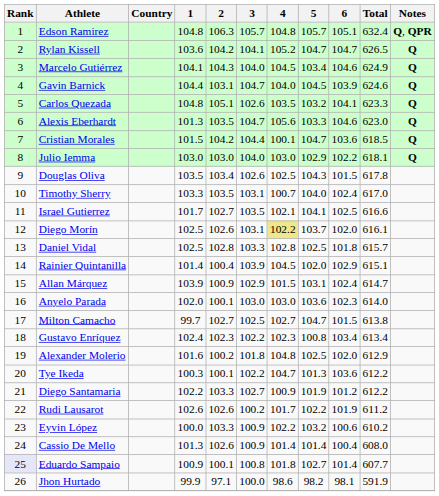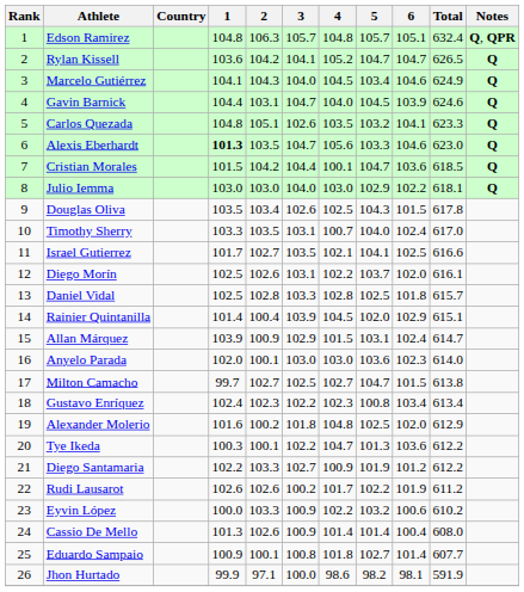 <table class="wikitable sortable" style="text-align:center">
 <tr>
 <th>Rank</th>
 <th>Athlete</th>
 <th>Country</th>
 <th>1</th>
 <th>2</th>
 <th>3</th>
 <th>4</th>
 <th>5</th>
 <th>6</th>
 <th>Total</th>
 <th>Notes</th>
 </tr>
 <tr bgcolor=#ccffcc>
 <td>1</td>
 <td align=left><a href='#'>Edson Ramirez</a></td>
 <td align=left></td>
 <td>104.8</td>
 <td>106.3</td>
 <td>105.7</td>
 <td>104.8</td>
 <td>105.7</td>
 <td>105.1</td>
 <td>632.4</td>
 <td><strong>Q</strong>, <strong>QPR</strong></td>
 </tr>
 <tr bgcolor=#ccffcc>
 <td>2</td>
 <td align=left><a href='#'>Rylan Kissell</a></td>
 <td align=left></td>
 <td>103.6</td>
 <td>104.2</td>
 <td>104.1</td>
 <td>105.2</td>
 <td>104.7</td>
 <td>104.7</td>
 <td>626.5</td>
 <td><strong>Q</strong></td>
 </tr>
 <tr bgcolor=#ccffcc>
 <td>3</td>
 <td align=left><a href='#'>Marcelo Gutiérrez</a></td>
 <td align=left></td>
 <td>104.1</td>
 <td>104.3</td>
 <td>104.0</td>
 <td>104.5</td>
 <td>103.4</td>
 <td>104.6</td>
 <td>624.9</td>
 <td><strong>Q</strong></td>
 </tr>
 <tr bgcolor=#ccffcc>
 <td>4</td>
 <td align=left><a href='#'>Gavin Barnick</a></td>
 <td align=left></td>
 <td>104.4</td>
 <td>103.1</td>
 <td>104.7</td>
 <td>104.0</td>
 <td>104.5</td>
 <td>103.9</td>
 <td>624.6</td>
 <td><strong>Q</strong></td>
 </tr>
 <tr bgcolor=#ccffcc>
 <td>5</td>
 <td align=left><a href='#'>Carlos Quezada</a></td>
 <td align=left></td>
 <td>104.8</td>
 <td>105.1</td>
 <td>102.6</td>
 <td>103.5</td>
 <td>103.2</td>
 <td>104.1</td>
 <td>623.3</td>
 <td><strong>Q</strong></td>
 </tr>
 <tr bgcolor=#ccffcc>
 <td>6</td>
 <td align=left><a href='#'>Alexis Eberhardt</a></td>
 <td align=left></td>
-<td>101.3</td>
+<td><strong>101.3</strong></td>
 <td>103.5</td>
 <td>104.7</td>
 <td>105.6</td>
 <td>103.3</td>
 <td>104.6</td>
 <td>623.0</td>
 <td><strong>Q</strong></td>
 </tr>
 <tr bgcolor=#ccffcc>
 <td>7</td>
 <td align=left><a href='#'>Cristian Morales</a></td>
 <td align=left></td>
 <td>101.5</td>
 <td>104.2</td>
 <td>104.4</td>
 <td>100.1</td>
 <td>104.7</td>
 <td>103.6</td>
 <td>618.5</td>
 <td><strong>Q</strong></td>
 </tr>
 <tr bgcolor=#ccffcc>
 <td>8</td>
 <td align=left><a href='#'>Julio Iemma</a></td>
 <td align=left></td>
 <td>103.0</td>
 <td>103.0</td>
 <td>104.0</td>
 <td>103.0</td>
 <td>102.9</td>
 <td>102.2</td>
 <td>618.1</td>
 <td><strong>Q</strong></td>
 </tr>
 <tr>
 <td>9</td>
 <td align=left><a href='#'>Douglas Oliva</a></td>
 <td align=left></td>
 <td>103.5</td>
 <td>103.4</td>
 <td>102.6</td>
 <td>102.5</td>
 <td>104.3</td>
 <td>101.5</td>
 <td>617.8</td>
 <td></td>
 </tr>
 <tr>
 <td>10</td>
 <td align=left><a href='#'>Timothy Sherry</a></td>
 <td align=left></td>
 <td>103.3</td>
 <td>103.5</td>
 <td>103.1</td>
 <td>100.7</td>
 <td>104.0</td>
 <td>102.4</td>
 <td>617.0</td>
 <td></td>
 </tr>
 <tr>
 <td>11</td>
 <td align=left><a href='#'>Israel Gutierrez</a></td>
 <td align=left></td>
 <td>101.7</td>
 <td>102.7</td>
 <td>103.5</td>
 <td>102.1</td>
 <td>104.1</td>
 <td>102.5</td>
 <td>616.6</td>
 <td></td>
 </tr>
 <tr>
 <td>12</td>
 <td align=left><a href='#'>Diego Morín</a></td>
 <td align=left></td>
 <td>102.5</td>
 <td>102.6</td>
 <td>103.1</td>
-<td style="background: khaki;">102.2</td>
+<td>102.2</td>
 <td>103.7</td>
 <td>102.0</td>
 <td>616.1</td>
 <td></td>
 </tr>
 <tr>
 <td>13</td>
 <td align=left><a href='#'>Daniel Vidal</a></td>
 <td align=left></td>
 <td>102.5</td>
 <td>102.8</td>
 <td>103.3</td>
 <td>102.8</td>
 <td>102.5</td>
 <td>101.8</td>
 <td>615.7</td>
 <td></td>
 </tr>
 <tr>
 <td>14</td>
 <td align=left><a href='#'>Rainier Quintanilla</a></td>
 <td align=left></td>
 <td>101.4</td>
 <td>100.4</td>
 <td>103.9</td>
 <td>104.5</td>
 <td>102.0</td>
 <td>102.9</td>
 <td>615.1</td>
 <td></td>
 </tr>
 <tr>
 <td>15</td>
 <td align=left><a href='#'>Allan Márquez</a></td>
 <td align=left></td>
 <td>103.9</td>
 <td>100.9</td>
 <td>102.9</td>
 <td>101.5</td>
 <td>103.1</td>
 <td>102.4</td>
 <td>614.7</td>
 <td></td>
 </tr>
 <tr>
 <td>16</td>
 <td align=left><a href='#'>Anyelo Parada</a></td>
 <td align=left></td>
 <td>102.0</td>
 <td>100.1</td>
 <td>103.0</td>
 <td>103.0</td>
 <td>103.6</td>
 <td>102.3</td>
 <td>614.0</td>
 <td></td>
 </tr>
 <tr>
 <td>17</td>
 <td align=left><a href='#'>Milton Camacho</a></td>
 <td align=left></td>
 <td>99.7</td>
 <td>102.7</td>
 <td>102.5</td>
 <td>102.7</td>
 <td>104.7</td>
 <td>101.5</td>
 <td>613.8</td>
 <td></td>
 </tr>
 <tr>
 <td>18</td>
 <td align=left><a href='#'>Gustavo Enríquez</a></td>
 <td align=left></td>
 <td>102.4</td>
 <td>102.3</td>
 <td>102.2</td>
 <td>102.3</td>
 <td>100.8</td>
 <td>103.4</td>
 <td>613.4</td>
 <td></td>
 </tr>
 <tr>
 <td>19</td>
 <td align=left><a href='#'>Alexander Molerio</a></td>
 <td align=left></td>
 <td>101.6</td>
 <td>100.2</td>
 <td>101.8</td>
 <td>104.8</td>
 <td>102.5</td>
 <td>102.0</td>
 <td>612.9</td>
 <td></td>
 </tr>
 <tr>
 <td>20</td>
 <td align=left><a href='#'>Tye Ikeda</a></td>
 <td align=left></td>
 <td>100.3</td>
 <td>100.1</td>
 <td>102.2</td>
 <td>104.7</td>
 <td>101.3</td>
 <td>103.6</td>
 <td>612.2</td>
 <td></td>
 </tr>
 <tr>
 <td>21</td>
 <td align=left><a href='#'>Diego Santamaria</a></td>
 <td align=left></td>
 <td>102.2</td>
 <td>103.3</td>
 <td>102.7</td>
 <td>100.9</td>
 <td>101.9</td>
 <td>101.2</td>
 <td>612.2</td>
 <td></td>
 </tr>
 <tr>
 <td>22</td>
 <td align=left><a href='#'>Rudi Lausarot</a></td>
 <td align=left></td>
 <td>102.6</td>
 <td>102.6</td>
 <td>100.2</td>
 <td>101.7</td>
 <td>102.2</td>
 <td>101.9</td>
 <td>611.2</td>
 <td></td>
 </tr>
 <tr>
 <td>23</td>
 <td align=left><a href='#'>Eyvin López</a></td>
 <td align=left></td>
 <td>100.0</td>
 <td>103.3</td>
 <td>100.9</td>
 <td>102.2</td>
 <td>103.2</td>
 <td>100.6</td>
 <td>610.2</td>
 <td></td>
 </tr>
 <tr>
 <td>24</td>
 <td align=left><a href='#'>Cassio De Mello</a></td>
 <td align=left></td>
 <td>101.3</td>
 <td>102.6</td>
 <td>100.9</td>
 <td>101.4</td>
 <td>101.4</td>
 <td>100.4</td>
 <td>608.0</td>
 <td></td>
 </tr>
 <tr>
-<td style="background: lavender;">25</td>
+<td>25</td>
 <td align=left><a href='#'>Eduardo Sampaio</a></td>
 <td align=left></td>
 <td>100.9</td>
 <td>100.1</td>
 <td>100.8</td>
 <td>101.8</td>
 <td>102.7</td>
 <td>101.4</td>
 <td>607.7</td>
 <td></td>
 </tr>
 <tr>
 <td>26</td>
 <td align=left><a href='#'>Jhon Hurtado</a></td>
 <td align=left></td>
 <td>99.9</td>
 <td>97.1</td>
 <td>100.0</td>
 <td>98.6</td>
 <td>98.2</td>
 <td>98.1</td>
 <td>591.9</td>
 <td></td>
 </tr>
 <tr>
 </tr>
 </table>
